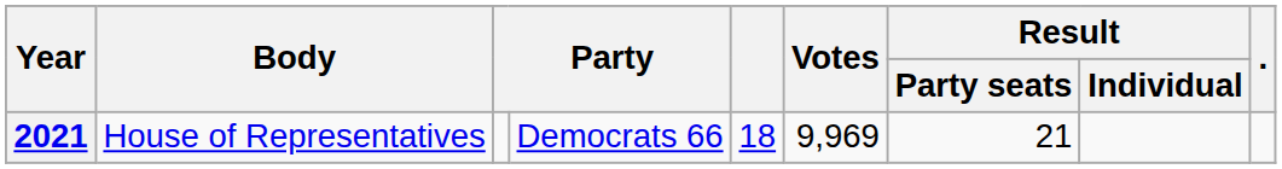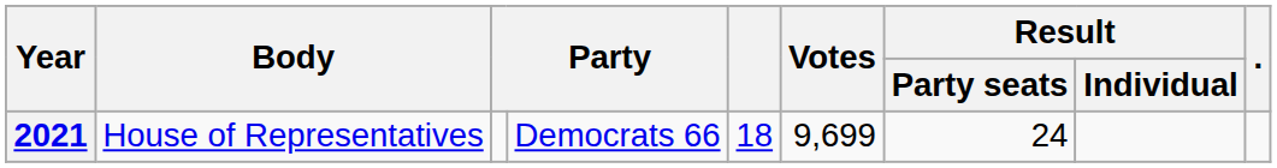 <table class="wikitable plainrowheaders sortable" border=2 cellpadding=4 cellspacing=0 style="border: 1px #aaa solid; font-size: 90%; text-align:center;">
 <tr>
 <th scope="col" rowspan=2>Year</th>
 <th scope="col" rowspan=2>Body</th>
 <th scope="col" colspan=2 rowspan=2>Party</th>
 <th scope="col" rowspan=2></th>
 <th scope="col" rowspan=2>Votes</th>
 <th scope="colgroup" colspan=2>Result</th>
 <th scope="col" rowspan=2 class="unsortable">.</th>
 </tr>
 <tr>
 <th scope="col">Party seats</th>
 <th scope="col">Individual</th>
 </tr>
 <tr>
 <th scope="row"><a href='#'>2021</a></th>
 <td><a href='#'>House of Representatives</a></td>
 <td style="background-color:"></td>
 <td><a href='#'>Democrats 66</a></td>
 <td style=text-align:right><a href='#'>18</a></td>
-<td style=text-align:right>9,969</td>
-<td style=text-align:right>21</td>
+<td style=text-align:right>9,699</td>
+<td style=text-align:right>24</td>
 <td></td>
 <td></td>
 </tr>
 </table>
